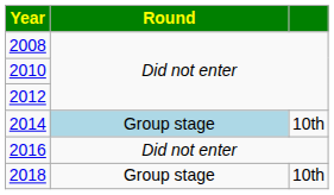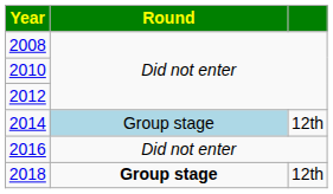 <table class="wikitable" style="text-align: center; font-size:90%">
 <tr style="color:yellow;">
 <th style="background:green;">Year</th>
 <th style="background:green; width:200px">Round</th>
 <th style="background:green;"></th>
 </tr>
 <tr>
 <td><a href='#'>2008</a></td>
 <td colspan="2" rowspan="3"><em>Did not enter</em></td>
 </tr>
 <tr>
 <td><a href='#'>2010</a></td>
 </tr>
 <tr>
 <td><a href='#'>2012</a></td>
 </tr>
 <tr>
 <td><a href='#'>2014</a></td>
 <td style="background: lightblue;">Group stage</td>
-<td>10th</td>
+<td>12th</td>
 </tr>
 <tr>
 <td><a href='#'>2016</a></td>
 <td colspan="2"><em>Did not enter</em></td>
 </tr>
 <tr>
 <td><a href='#'>2018</a></td>
-<td>Group stage</td>
-<td>10th</td>
+<td><strong>Group stage</strong></td>
+<td>12th</td>
 </tr>
 </table>
